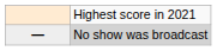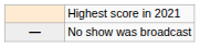 <table class="wikitable">
 <tr>
 <th width="75px" style="background:#FFEBD2; text-align:center" scope="row"></th>
 <td>Highest score in 2021</td>
 </tr>
 <tr>
 <th width="75px" style="background:#eee; text-align:center" scope="row">—</th>
-<td style="background: lightgrey;">No show was broadcast</td>
+<td>No show was broadcast</td>
 </tr>
 </table>
